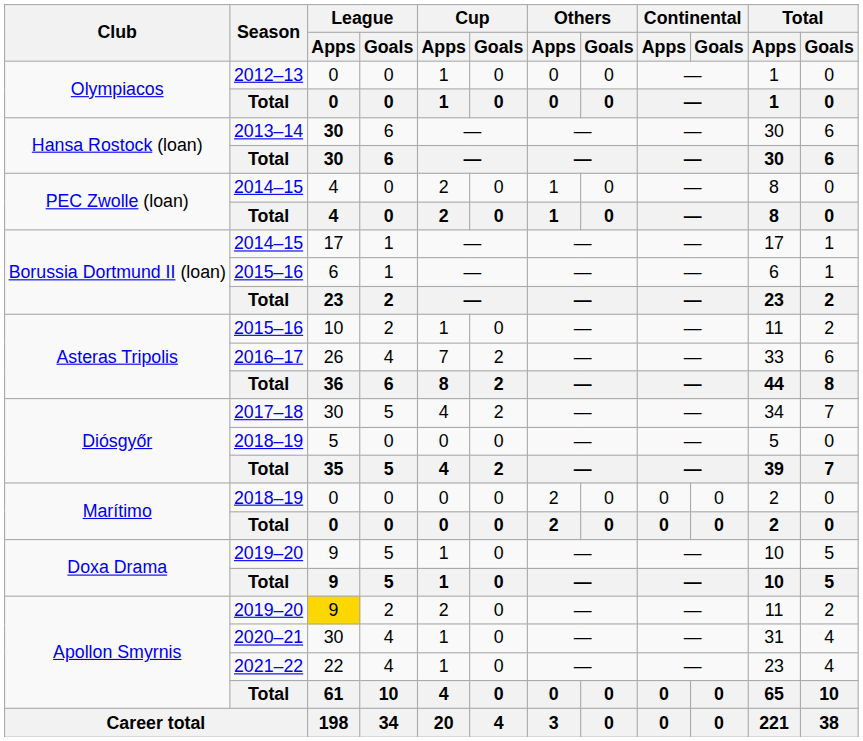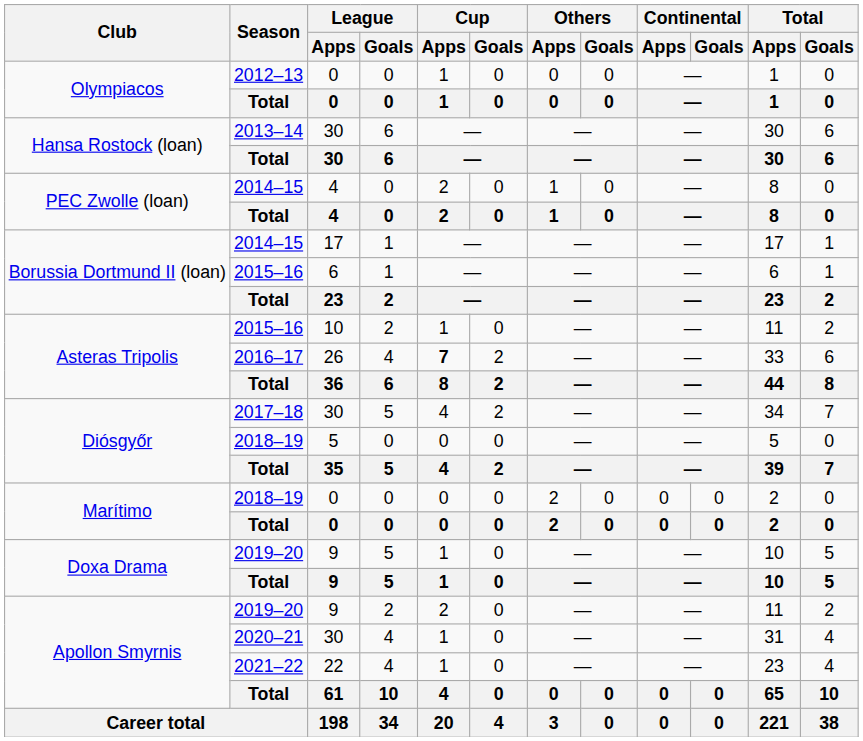 <table class="wikitable" style="font-size:100%; text-align: center;">
 <tr>
 <th rowspan=2>Club</th>
 <th rowspan=2>Season</th>
 <th colspan=2>League</th>
 <th colspan=2>Cup</th>
 <th colspan=2>Others</th>
 <th colspan=2>Continental</th>
 <th colspan=2>Total</th>
 </tr>
 <tr>
 <th>Apps</th>
 <th>Goals</th>
 <th>Apps</th>
 <th>Goals</th>
 <th>Apps</th>
 <th>Goals</th>
 <th>Apps</th>
 <th>Goals</th>
 <th>Apps</th>
 <th>Goals</th>
 </tr>
 <tr>
 <td rowspan=2 valign="center"><a href='#'>Olympiacos</a></td>
 <td><a href='#'>2012–13</a></td>
 <td>0</td>
 <td>0</td>
 <td>1</td>
 <td>0</td>
 <td>0</td>
 <td>0</td>
 <td colspan="2">—</td>
 <td>1</td>
 <td>0</td>
 </tr>
 <tr>
 <th>Total</th>
 <th>0</th>
 <th>0</th>
 <th>1</th>
 <th>0</th>
 <th>0</th>
 <th>0</th>
 <th colspan="2">—</th>
 <th>1</th>
 <th>0</th>
 </tr>
 <tr>
 <td rowspan=2 valign="center"><a href='#'>Hansa Rostock</a> (loan)</td>
 <td><a href='#'>2013–14</a></td>
-<td><strong>30</strong></td>
+<td>30</td>
 <td>6</td>
 <td colspan="2">—</td>
 <td colspan="2">—</td>
 <td colspan="2">—</td>
 <td>30</td>
 <td>6</td>
 </tr>
 <tr>
 <th>Total</th>
 <th>30</th>
 <th>6</th>
 <th colspan="2">—</th>
 <th colspan="2">—</th>
 <th colspan="2">—</th>
 <th>30</th>
 <th>6</th>
 </tr>
 <tr>
 <td rowspan=2 valign="center"><a href='#'>PEC Zwolle</a> (loan)</td>
 <td><a href='#'>2014–15</a></td>
 <td>4</td>
 <td>0</td>
 <td>2</td>
 <td>0</td>
 <td>1</td>
 <td>0</td>
 <td colspan="2">—</td>
 <td>8</td>
 <td>0</td>
 </tr>
 <tr>
 <th>Total</th>
 <th>4</th>
 <th>0</th>
 <th>2</th>
 <th>0</th>
 <th>1</th>
 <th>0</th>
 <th colspan="2">—</th>
 <th>8</th>
 <th>0</th>
 </tr>
 <tr>
 <td rowspan=3 valign="center"><a href='#'>Borussia Dortmund II</a> (loan)</td>
 <td><a href='#'>2014–15</a></td>
 <td>17</td>
 <td>1</td>
 <td colspan="2">—</td>
 <td colspan="2">—</td>
 <td colspan="2">—</td>
 <td>17</td>
 <td>1</td>
 </tr>
 <tr>
 <td><a href='#'>2015–16</a></td>
 <td>6</td>
 <td>1</td>
 <td colspan="2">—</td>
 <td colspan="2">—</td>
 <td colspan="2">—</td>
 <td>6</td>
 <td>1</td>
 </tr>
 <tr>
 <th>Total</th>
 <th>23</th>
 <th>2</th>
 <th colspan="2">—</th>
 <th colspan="2">—</th>
 <th colspan="2">—</th>
 <th>23</th>
 <th>2</th>
 </tr>
 <tr>
 <td rowspan=3 valign="center"><a href='#'>Asteras Tripolis</a></td>
 <td><a href='#'>2015–16</a></td>
 <td>10</td>
 <td>2</td>
 <td>1</td>
 <td>0</td>
 <td colspan="2">—</td>
 <td colspan="2">—</td>
 <td>11</td>
 <td>2</td>
 </tr>
 <tr>
 <td><a href='#'>2016–17</a></td>
 <td>26</td>
 <td>4</td>
-<td>7</td>
+<td><strong>7</strong></td>
 <td>2</td>
 <td colspan="2">—</td>
 <td colspan="2">—</td>
 <td>33</td>
 <td>6</td>
 </tr>
 <tr>
 <th>Total</th>
 <th>36</th>
 <th>6</th>
 <th>8</th>
 <th>2</th>
 <th colspan="2">—</th>
 <th colspan="2">—</th>
 <th>44</th>
 <th>8</th>
 </tr>
 <tr>
 <td rowspan=3 valign="center"><a href='#'>Diósgyőr</a></td>
 <td><a href='#'>2017–18</a></td>
 <td>30</td>
 <td>5</td>
 <td>4</td>
 <td>2</td>
 <td colspan="2">—</td>
 <td colspan="2">—</td>
 <td>34</td>
 <td>7</td>
 </tr>
 <tr>
 <td><a href='#'>2018–19</a></td>
 <td>5</td>
 <td>0</td>
 <td>0</td>
 <td>0</td>
 <td colspan="2">—</td>
 <td colspan="2">—</td>
 <td>5</td>
 <td>0</td>
 </tr>
 <tr>
 <th>Total</th>
 <th>35</th>
 <th>5</th>
 <th>4</th>
 <th>2</th>
 <th colspan="2">—</th>
 <th colspan="2">—</th>
 <th>39</th>
 <th>7</th>
 </tr>
 <tr>
 <td rowspan=2 valign="center"><a href='#'>Marítimo</a></td>
 <td><a href='#'>2018–19</a></td>
 <td>0</td>
 <td>0</td>
 <td>0</td>
 <td>0</td>
 <td>2</td>
 <td>0</td>
 <td>0</td>
 <td>0</td>
 <td>2</td>
 <td>0</td>
 </tr>
 <tr>
 <th>Total</th>
 <th>0</th>
 <th>0</th>
 <th>0</th>
 <th>0</th>
 <th>2</th>
 <th>0</th>
 <th>0</th>
 <th>0</th>
 <th>2</th>
 <th>0</th>
 </tr>
 <tr>
 <td rowspan=2 valign="center"><a href='#'>Doxa Drama</a></td>
 <td><a href='#'>2019–20</a></td>
 <td>9</td>
 <td>5</td>
 <td>1</td>
 <td>0</td>
 <td colspan="2">—</td>
 <td colspan="2">—</td>
 <td>10</td>
 <td>5</td>
 </tr>
 <tr>
 <th>Total</th>
 <th>9</th>
 <th>5</th>
 <th>1</th>
 <th>0</th>
 <th colspan="2">—</th>
 <th colspan="2">—</th>
 <th>10</th>
 <th>5</th>
 </tr>
 <tr>
 <td rowspan=4 valign="center"><a href='#'>Apollon Smyrnis</a></td>
 <td><a href='#'>2019–20</a></td>
-<td style="background: gold;">9</td>
+<td>9</td>
 <td>2</td>
 <td>2</td>
 <td>0</td>
 <td colspan="2">—</td>
 <td colspan="2">—</td>
 <td>11</td>
 <td>2</td>
 </tr>
 <tr>
 <td><a href='#'>2020–21</a></td>
 <td>30</td>
 <td>4</td>
 <td>1</td>
 <td>0</td>
 <td colspan="2">—</td>
 <td colspan="2">—</td>
 <td>31</td>
 <td>4</td>
 </tr>
 <tr>
 <td><a href='#'>2021–22</a></td>
 <td>22</td>
 <td>4</td>
 <td>1</td>
 <td>0</td>
 <td colspan="2">—</td>
 <td colspan="2">—</td>
 <td>23</td>
 <td>4</td>
 </tr>
 <tr>
 <th>Total</th>
 <th>61</th>
 <th>10</th>
 <th>4</th>
 <th>0</th>
 <th>0</th>
 <th>0</th>
 <th>0</th>
 <th>0</th>
 <th>65</th>
 <th>10</th>
 </tr>
 <tr>
 <th colspan=2>Career total</th>
 <th>198</th>
 <th>34</th>
 <th>20</th>
 <th>4</th>
 <th>3</th>
 <th>0</th>
 <th>0</th>
 <th>0</th>
 <th>221</th>
 <th>38</th>
 </tr>
 </table>
